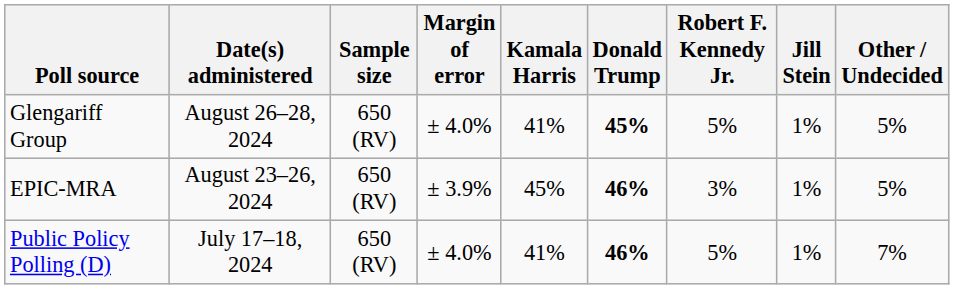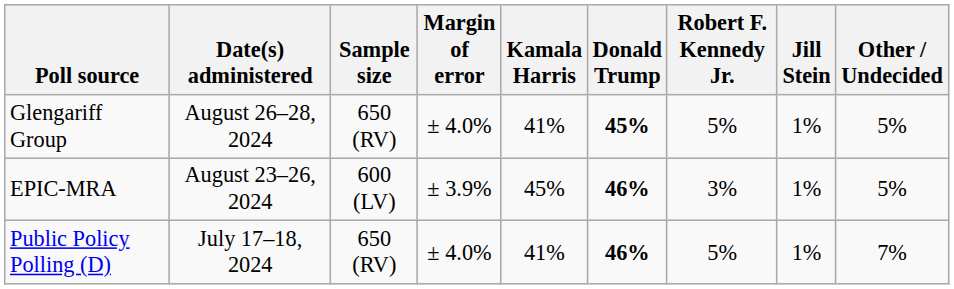 <table class="wikitable sortable mw-datatable" style="font-size:90%;text-align:center;line-height:17px">
 <tr style="vertical-align:bottom">
 <th>Poll source</th>
 <th>Date(s)<br>administered</th>
 <th>Sample<br>size</th>
 <th>Margin<br>of error</th>
 <th class="unsortable">Kamala<br>Harris<br></th>
 <th class="unsortable">Donald<br>Trump<br></th>
 <th class="unsortable">Robert F.<br>Kennedy Jr.<br></th>
 <th class="unsortable">Jill<br>Stein<br></th>
 <th class="unsortable">Other /<br>Undecided</th>
 </tr>
 <tr>
 <td style="text-align:left;">Glengariff Group</td>
 <td data-sort-value="2024-07-25">August 26–28, 2024</td>
 <td>650 (RV)</td>
 <td>± 4.0%</td>
 <td>41%</td>
 <td style="background-color:"><strong>45%</strong></td>
 <td>5%</td>
 <td>1%</td>
 <td>5%</td>
 </tr>
 <tr>
 <td style="text-align:left;">EPIC-MRA</td>
 <td data-sort-value="2024-08-26">August 23–26, 2024</td>
-<td>650 (RV)</td>
+<td>600 (LV)</td>
 <td>± 3.9%</td>
 <td>45%</td>
 <td style="background-color:"><strong>46%</strong></td>
 <td>3%</td>
 <td>1%</td>
 <td>5%</td>
 </tr>
 <tr>
 <td style="text-align:left;"><a href='#'>Public Policy Polling (D)</a></td>
 <td data-sort-value="2024-07-18">July 17–18, 2024</td>
 <td>650 (RV)</td>
 <td>± 4.0%</td>
 <td>41%</td>
 <td style="background-color:"><strong>46%</strong></td>
 <td>5%</td>
 <td>1%</td>
 <td>7%</td>
 </tr>
 </table>
